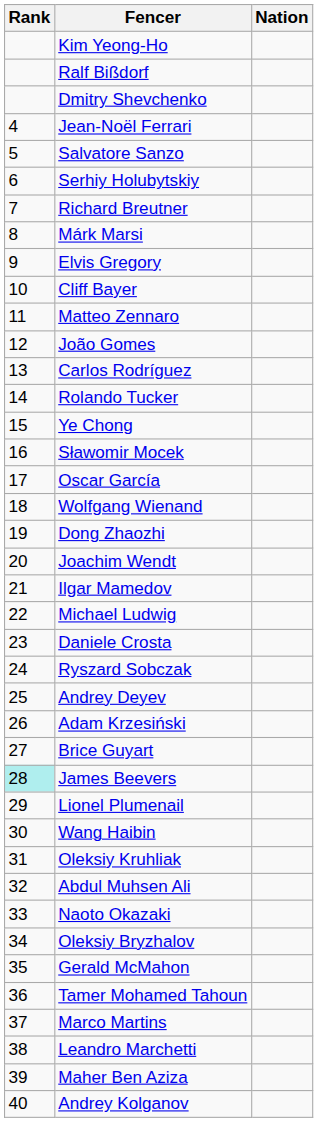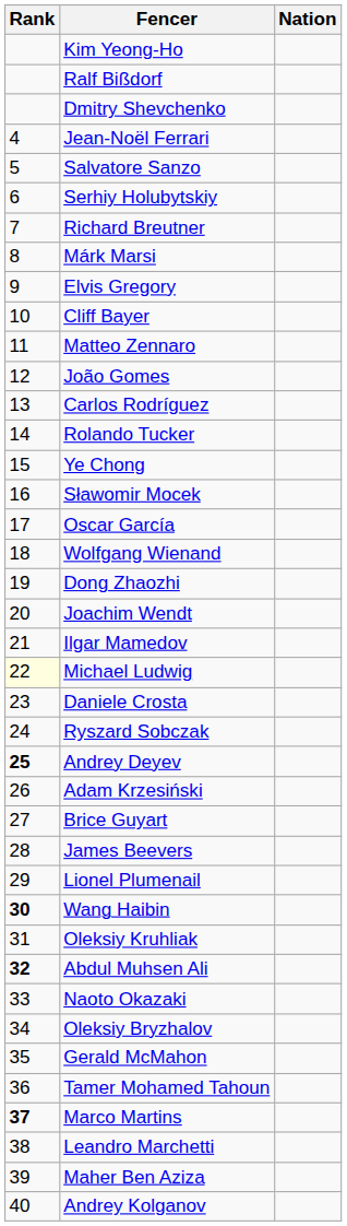 <table class="wikitable sortable" style="text-align: left;">
 <tr>
 <th>Rank</th>
 <th>Fencer</th>
 <th>Nation</th>
 </tr>
 <tr>
 <td></td>
 <td><a href='#'>Kim Yeong-Ho</a></td>
 <td align=left></td>
 </tr>
 <tr>
 <td></td>
 <td><a href='#'>Ralf Bißdorf</a></td>
 <td align=left></td>
 </tr>
 <tr>
 <td></td>
 <td><a href='#'>Dmitry Shevchenko</a></td>
 <td align=left></td>
 </tr>
 <tr>
 <td>4</td>
 <td><a href='#'>Jean-Noël Ferrari</a></td>
 <td align=left></td>
 </tr>
 <tr>
 <td>5</td>
 <td><a href='#'>Salvatore Sanzo</a></td>
 <td align=left></td>
 </tr>
 <tr>
 <td>6</td>
 <td><a href='#'>Serhiy Holubytskiy</a></td>
 <td align=left></td>
 </tr>
 <tr>
 <td>7</td>
 <td><a href='#'>Richard Breutner</a></td>
 <td align=left></td>
 </tr>
 <tr>
 <td>8</td>
 <td><a href='#'>Márk Marsi</a></td>
 <td align=left></td>
 </tr>
 <tr>
 <td>9</td>
 <td><a href='#'>Elvis Gregory</a></td>
 <td align=left></td>
 </tr>
 <tr>
 <td>10</td>
 <td><a href='#'>Cliff Bayer</a></td>
 <td align=left></td>
 </tr>
 <tr>
 <td>11</td>
 <td><a href='#'>Matteo Zennaro</a></td>
 <td align=left></td>
 </tr>
 <tr>
 <td>12</td>
 <td><a href='#'>João Gomes</a></td>
 <td align=left></td>
 </tr>
 <tr>
 <td>13</td>
 <td><a href='#'>Carlos Rodríguez</a></td>
 <td align=left></td>
 </tr>
 <tr>
 <td>14</td>
 <td><a href='#'>Rolando Tucker</a></td>
 <td align=left></td>
 </tr>
 <tr>
 <td>15</td>
 <td><a href='#'>Ye Chong</a></td>
 <td align=left></td>
 </tr>
 <tr>
 <td>16</td>
 <td><a href='#'>Sławomir Mocek</a></td>
 <td align=left></td>
 </tr>
 <tr>
 <td>17</td>
 <td><a href='#'>Oscar García</a></td>
 <td align=left></td>
 </tr>
 <tr>
 <td>18</td>
 <td><a href='#'>Wolfgang Wienand</a></td>
 <td align=left></td>
 </tr>
 <tr>
 <td>19</td>
 <td><a href='#'>Dong Zhaozhi</a></td>
 <td align=left></td>
 </tr>
 <tr>
 <td>20</td>
 <td><a href='#'>Joachim Wendt</a></td>
 <td align=left></td>
 </tr>
 <tr>
 <td>21</td>
 <td><a href='#'>Ilgar Mamedov</a></td>
 <td align=left></td>
 </tr>
 <tr>
-<td>22</td>
+<td style="background: lightyellow;">22</td>
 <td><a href='#'>Michael Ludwig</a></td>
 <td align=left></td>
 </tr>
 <tr>
 <td>23</td>
 <td><a href='#'>Daniele Crosta</a></td>
 <td align=left></td>
 </tr>
 <tr>
 <td>24</td>
 <td><a href='#'>Ryszard Sobczak</a></td>
 <td align=left></td>
 </tr>
 <tr>
-<td>25</td>
+<td><strong>25</strong></td>
 <td><a href='#'>Andrey Deyev</a></td>
 <td align=left></td>
 </tr>
 <tr>
 <td>26</td>
 <td><a href='#'>Adam Krzesiński</a></td>
 <td align=left></td>
 </tr>
 <tr>
 <td>27</td>
 <td><a href='#'>Brice Guyart</a></td>
 <td align=left></td>
 </tr>
 <tr>
-<td style="background: paleturquoise;">28</td>
+<td>28</td>
 <td><a href='#'>James Beevers</a></td>
 <td align=left></td>
 </tr>
 <tr>
 <td>29</td>
 <td><a href='#'>Lionel Plumenail</a></td>
 <td align=left></td>
 </tr>
 <tr>
-<td>30</td>
+<td><strong>30</strong></td>
 <td><a href='#'>Wang Haibin</a></td>
 <td align=left></td>
 </tr>
 <tr>
 <td>31</td>
 <td><a href='#'>Oleksiy Kruhliak</a></td>
 <td align=left></td>
 </tr>
 <tr>
-<td>32</td>
+<td><strong>32</strong></td>
 <td><a href='#'>Abdul Muhsen Ali</a></td>
 <td align=left></td>
 </tr>
 <tr>
 <td>33</td>
 <td><a href='#'>Naoto Okazaki</a></td>
 <td align=left></td>
 </tr>
 <tr>
 <td>34</td>
 <td><a href='#'>Oleksiy Bryzhalov</a></td>
 <td align=left></td>
 </tr>
 <tr>
 <td>35</td>
 <td><a href='#'>Gerald McMahon</a></td>
 <td align=left></td>
 </tr>
 <tr>
 <td>36</td>
 <td><a href='#'>Tamer Mohamed Tahoun</a></td>
 <td align=left></td>
 </tr>
 <tr>
-<td>37</td>
+<td><strong>37</strong></td>
 <td><a href='#'>Marco Martins</a></td>
 <td align=left></td>
 </tr>
 <tr>
 <td>38</td>
 <td><a href='#'>Leandro Marchetti</a></td>
 <td align=left></td>
 </tr>
 <tr>
 <td>39</td>
 <td><a href='#'>Maher Ben Aziza</a></td>
 <td align=left></td>
 </tr>
 <tr>
 <td>40</td>
 <td><a href='#'>Andrey Kolganov</a></td>
 <td align=left></td>
 </tr>
 </table>
